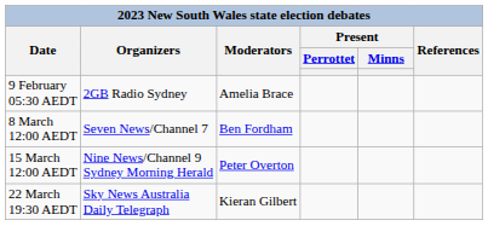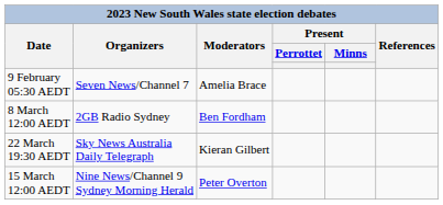 <table class="wikitable"; text-align:center">
 <tr>
 <th style="background:#B0C4DE;" colspan="6">2023 New South Wales state election debates</th>
 </tr>
 <tr>
 <th style="white-space:nowrap;" rowspan="3">Date</th>
 <th rowspan="3">Organizers</th>
 <th rowspan="3">Moderators</th>
 <th scope="col" colspan="2"> Present</th>
 <th rowspan="3">References</th>
 </tr>
 <tr>
 <th scope="col" style="width:60px;"><a href='#'>Perrottet</a></th>
 <th scope="col" style="width:60px;"><a href='#'>Minns</a></th>
 </tr>
 <tr>
 <th style="background:"></th>
 <th style="background:"></th>
 </tr>
 <tr>
 <td style="white-space:nowrap;text-align:left;">9 February<br>05:30 AEDT</td>
-<td style="white-space:nowrap;text-align:left;"><a href='#'>2GB</a> Radio Sydney</td>
+<td style="white-space:nowrap;text-align:left;"><a href='#'>Seven News</a>/Channel 7</td>
 <td style="white-space:nowrap;text-align:left;">Amelia Brace</td>
 <td></td>
 <td></td>
 <td></td>
 </tr>
 <tr>
 <td style="white-space:nowrap;text-align:left;">8 March<br>12:00 AEDT</td>
-<td style="white-space:nowrap;text-align:left;"><a href='#'>Seven News</a>/Channel 7</td>
+<td style="white-space:nowrap;text-align:left;"><a href='#'>2GB</a> Radio Sydney</td>
 <td style="white-space:nowrap;text-align:left;"><a href='#'>Ben Fordham</a></td>
+<td></td>
+<td></td>
+<td></td>
+</tr>
+<tr>
+<td style="white-space:nowrap;text-align:left;">22 March<br>19:30 AEDT</td>
+<td style="white-space:nowrap;text-align:left;"><a href='#'>Sky News Australia</a><br><a href='#'>Daily Telegraph</a></td>
+<td style="white-space:nowrap;text-align:left;">Kieran Gilbert</td>
 <td></td>
 <td></td>
 <td></td>
 </tr>
 <tr>
 <td style="white-space:nowrap;text-align:left;">15 March<br>12:00 AEDT</td>
 <td style="white-space:nowrap;text-align:left;"><a href='#'>Nine News</a>/Channel 9<br><a href='#'>Sydney Morning Herald</a></td>
 <td style="white-space:nowrap;text-align:left;"><a href='#'>Peter Overton</a></td>
 <td></td>
 <td></td>
 <td></td>
 </tr>
-<tr>
-<td style="white-space:nowrap;text-align:left;">22 March<br>19:30 AEDT</td>
-<td style="white-space:nowrap;text-align:left;"><a href='#'>Sky News Australia</a><br><a href='#'>Daily Telegraph</a></td>
-<td style="white-space:nowrap;text-align:left;">Kieran Gilbert</td>
-<td></td>
-<td></td>
-<td></td>
-</tr>
 </table>
